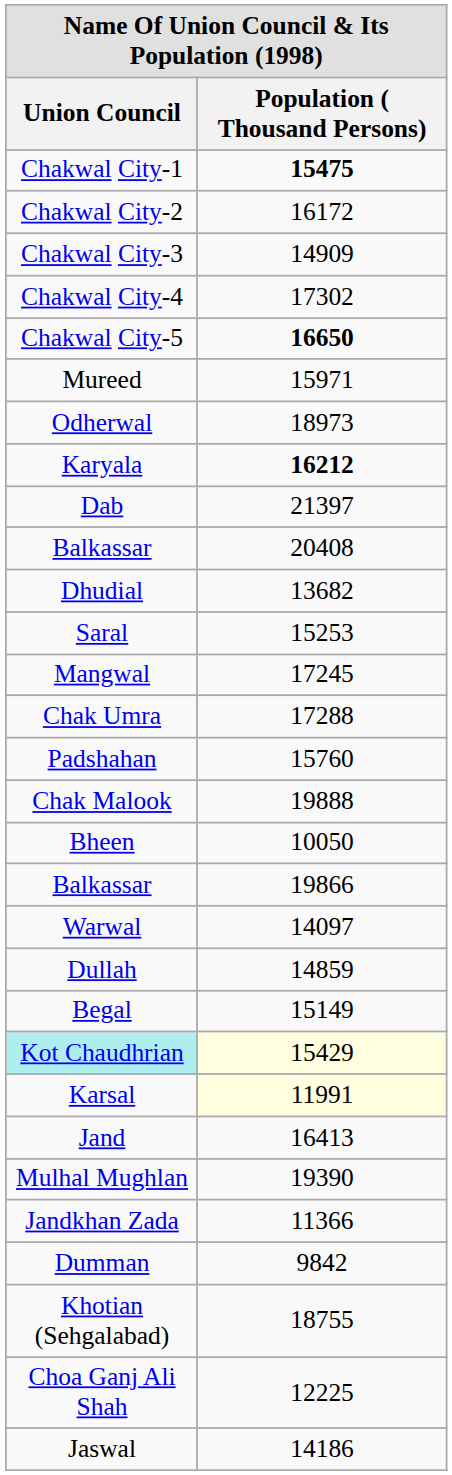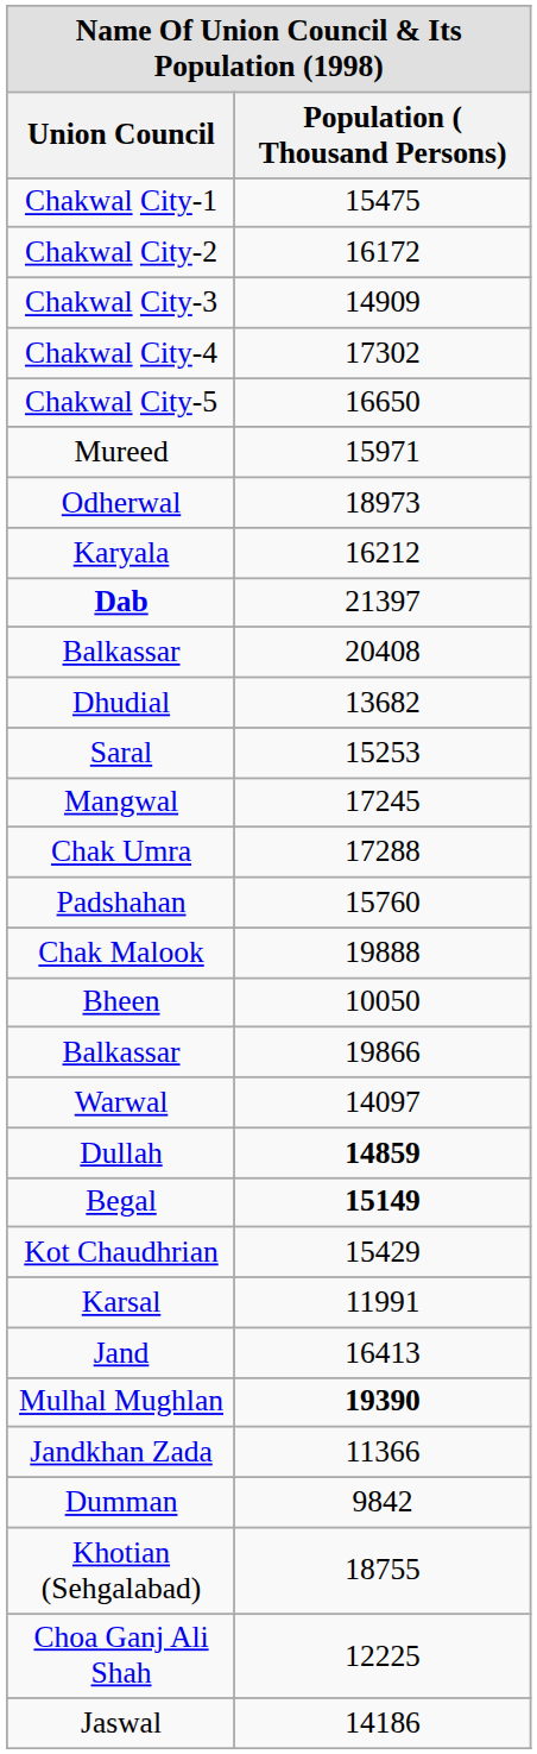 <table class="wikitable" style="margin:auto; font-size:90%; align:center; text-align:center; width:40%">
 <tr>
 <td colspan=12 bgcolor="#E0E0E0"><strong>Name Of Union Council & Its Population (1998)</strong></td>
 </tr>
 <tr>
 <th>Union Council</th>
 <th>Population ( Thousand Persons)</th>
 </tr>
 <tr>
 <td><a href='#'>Chakwal</a> <a href='#'>City</a>-1</td>
-<td><strong>15475</strong></td>
+<td>15475</td>
 </tr>
 <tr>
 <td><a href='#'>Chakwal</a> <a href='#'>City</a>-2</td>
 <td>16172</td>
 </tr>
 <tr>
 <td><a href='#'>Chakwal</a> <a href='#'>City</a>-3</td>
 <td>14909</td>
 </tr>
 <tr>
 <td><a href='#'>Chakwal</a> <a href='#'>City</a>-4</td>
 <td>17302</td>
 </tr>
 <tr>
 <td><a href='#'>Chakwal</a> <a href='#'>City</a>-5</td>
-<td><strong>16650</strong></td>
+<td>16650</td>
 </tr>
 <tr>
 <td>Mureed</td>
 <td>15971</td>
 </tr>
 <tr>
 <td><a href='#'>Odherwal</a></td>
 <td>18973</td>
 </tr>
 <tr>
 <td><a href='#'>Karyala</a></td>
-<td><strong>16212</strong></td>
+<td>16212</td>
 </tr>
 <tr>
-<td><a href='#'>Dab</a></td>
+<td><strong><a href='#'>Dab</a></strong></td>
 <td>21397</td>
 </tr>
 <tr>
 <td><a href='#'>Balkassar</a></td>
 <td>20408</td>
 </tr>
 <tr>
 <td><a href='#'>Dhudial</a></td>
 <td>13682</td>
 </tr>
 <tr>
 <td><a href='#'>Saral</a></td>
 <td>15253</td>
 </tr>
 <tr>
 <td><a href='#'>Mangwal</a></td>
 <td>17245</td>
 </tr>
 <tr>
 <td><a href='#'>Chak Umra</a></td>
 <td>17288</td>
 </tr>
 <tr>
 <td><a href='#'>Padshahan</a></td>
 <td>15760</td>
 </tr>
 <tr>
 <td><a href='#'>Chak Malook</a></td>
 <td>19888</td>
 </tr>
 <tr>
 <td><a href='#'>Bheen</a></td>
 <td>10050</td>
 </tr>
 <tr>
 <td><a href='#'>Balkassar</a></td>
 <td>19866</td>
 </tr>
 <tr>
 <td><a href='#'>Warwal</a></td>
 <td>14097</td>
 </tr>
 <tr>
 <td><a href='#'>Dullah</a></td>
-<td>14859</td>
+<td><strong>14859</strong></td>
 </tr>
 <tr>
 <td><a href='#'>Begal</a></td>
-<td>15149</td>
+<td><strong>15149</strong></td>
 </tr>
 <tr>
-<td style="background: paleturquoise;"><a href='#'>Kot Chaudhrian</a></td>
-<td style="background: lightyellow;">15429</td>
+<td><a href='#'>Kot Chaudhrian</a></td>
+<td>15429</td>
 </tr>
 <tr>
 <td><a href='#'>Karsal</a></td>
-<td style="background: lightyellow;">11991</td>
+<td>11991</td>
 </tr>
 <tr>
 <td><a href='#'>Jand</a></td>
 <td>16413</td>
 </tr>
 <tr>
 <td><a href='#'>Mulhal Mughlan</a></td>
-<td>19390</td>
+<td><strong>19390</strong></td>
 </tr>
 <tr>
 <td><a href='#'>Jandkhan Zada</a></td>
 <td>11366</td>
 </tr>
 <tr>
 <td><a href='#'>Dumman</a></td>
 <td>9842</td>
 </tr>
 <tr>
 <td><a href='#'>Khotian</a> (Sehgalabad)</td>
 <td>18755</td>
 </tr>
 <tr>
 <td><a href='#'>Choa Ganj Ali Shah</a></td>
 <td>12225</td>
 </tr>
 <tr>
 <td>Jaswal</td>
 <td>14186</td>
 </tr>
 <tr>
 </tr>
 </table>
